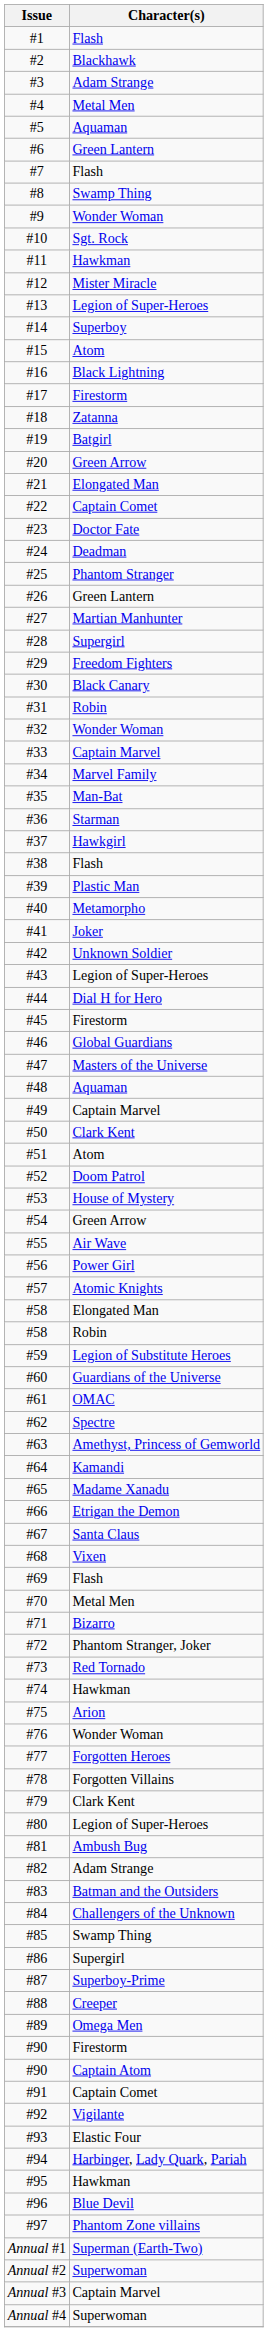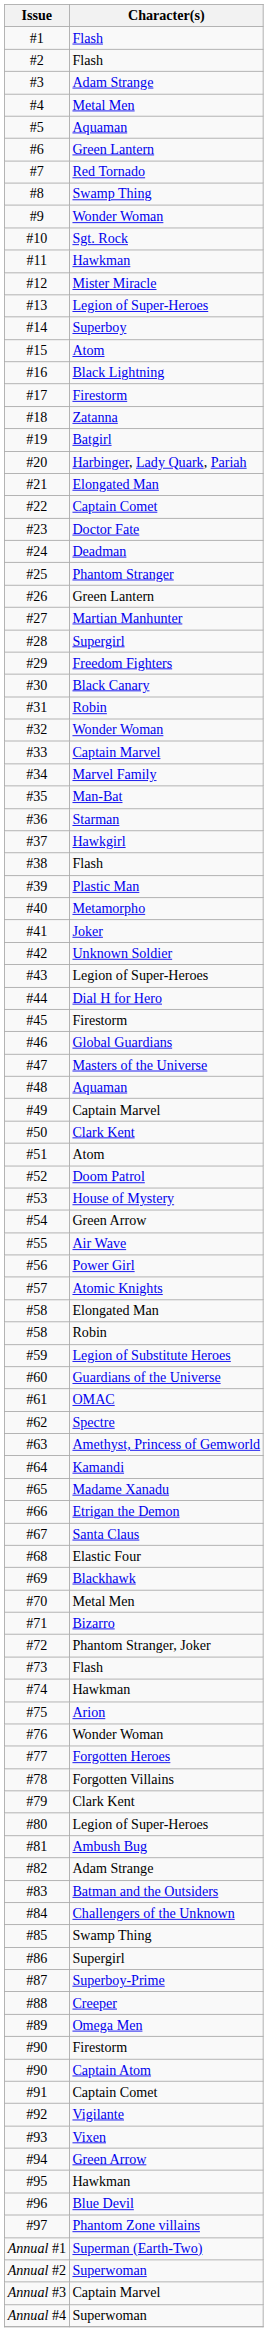 <table class="sortable wikitable">
 <tr>
 <th>Issue</th>
 <th>Character(s)</th>
 </tr>
 <tr>
 <td align="center">#1</td>
 <td><a href='#'>Flash</a></td>
 </tr>
 <tr>
 <td align="center">#2</td>
-<td><a href='#'>Blackhawk</a></td>
+<td>Flash</td>
 </tr>
 <tr>
 <td align="center">#3</td>
 <td><a href='#'>Adam Strange</a></td>
 </tr>
 <tr>
 <td align="center">#4</td>
 <td><a href='#'>Metal Men</a></td>
 </tr>
 <tr>
 <td align="center">#5</td>
 <td><a href='#'>Aquaman</a></td>
 </tr>
 <tr>
 <td align="center">#6</td>
 <td><a href='#'>Green Lantern</a></td>
 </tr>
 <tr>
 <td align="center">#7</td>
-<td>Flash</td>
+<td><a href='#'>Red Tornado</a></td>
 </tr>
 <tr>
 <td align="center">#8</td>
 <td><a href='#'>Swamp Thing</a></td>
 </tr>
 <tr>
 <td align="center">#9</td>
 <td><a href='#'>Wonder Woman</a></td>
 </tr>
 <tr>
 <td align="center">#10</td>
 <td><a href='#'>Sgt. Rock</a></td>
 </tr>
 <tr>
 <td align="center">#11</td>
 <td><a href='#'>Hawkman</a></td>
 </tr>
 <tr>
 <td align="center">#12</td>
 <td><a href='#'>Mister Miracle</a></td>
 </tr>
 <tr>
 <td align="center">#13</td>
 <td><a href='#'>Legion of Super-Heroes</a></td>
 </tr>
 <tr>
 <td align="center">#14</td>
 <td><a href='#'>Superboy</a></td>
 </tr>
 <tr>
 <td align="center">#15</td>
 <td><a href='#'>Atom</a></td>
 </tr>
 <tr>
 <td align="center">#16</td>
 <td><a href='#'>Black Lightning</a></td>
 </tr>
 <tr>
 <td align="center">#17</td>
 <td><a href='#'>Firestorm</a></td>
 </tr>
 <tr>
 <td align="center">#18</td>
 <td><a href='#'>Zatanna</a></td>
 </tr>
 <tr>
 <td align="center">#19</td>
 <td><a href='#'>Batgirl</a></td>
 </tr>
 <tr>
 <td align="center">#20</td>
-<td><a href='#'>Green Arrow</a></td>
+<td><a href='#'>Harbinger</a>, <a href='#'>Lady Quark</a>, <a href='#'>Pariah</a></td>
 </tr>
 <tr>
 <td align="center">#21</td>
 <td><a href='#'>Elongated Man</a></td>
 </tr>
 <tr>
 <td align="center">#22</td>
 <td><a href='#'>Captain Comet</a></td>
 </tr>
 <tr>
 <td align="center">#23</td>
 <td><a href='#'>Doctor Fate</a></td>
 </tr>
 <tr>
 <td align="center">#24</td>
 <td><a href='#'>Deadman</a></td>
 </tr>
 <tr>
 <td align="center">#25</td>
 <td><a href='#'>Phantom Stranger</a></td>
 </tr>
 <tr>
 <td align="center">#26</td>
 <td>Green Lantern</td>
 </tr>
 <tr>
 <td align="center">#27</td>
 <td><a href='#'>Martian Manhunter</a></td>
 </tr>
 <tr>
 <td align="center">#28</td>
 <td><a href='#'>Supergirl</a></td>
 </tr>
 <tr>
 <td align="center">#29</td>
 <td><a href='#'>Freedom Fighters</a></td>
 </tr>
 <tr>
 <td align="center">#30</td>
 <td><a href='#'>Black Canary</a></td>
 </tr>
 <tr>
 <td align="center">#31</td>
 <td><a href='#'>Robin</a></td>
 </tr>
 <tr>
 <td align="center">#32</td>
 <td><a href='#'>Wonder Woman</a></td>
 </tr>
 <tr>
 <td align="center">#33</td>
 <td><a href='#'>Captain Marvel</a></td>
 </tr>
 <tr>
 <td align="center">#34</td>
 <td><a href='#'>Marvel Family</a></td>
 </tr>
 <tr>
 <td align="center">#35</td>
 <td><a href='#'>Man-Bat</a></td>
 </tr>
 <tr>
 <td align="center">#36</td>
 <td><a href='#'>Starman</a></td>
 </tr>
 <tr>
 <td align="center">#37</td>
 <td><a href='#'>Hawkgirl</a></td>
 </tr>
 <tr>
 <td align="center">#38</td>
 <td>Flash</td>
 </tr>
 <tr>
 <td align="center">#39</td>
 <td><a href='#'>Plastic Man</a></td>
 </tr>
 <tr>
 <td align="center">#40</td>
 <td><a href='#'>Metamorpho</a></td>
 </tr>
 <tr>
 <td align="center">#41</td>
 <td><a href='#'>Joker</a></td>
 </tr>
 <tr>
 <td align="center">#42</td>
 <td><a href='#'>Unknown Soldier</a></td>
 </tr>
 <tr>
 <td align="center">#43</td>
 <td>Legion of Super-Heroes</td>
 </tr>
 <tr>
 <td align="center">#44</td>
 <td><a href='#'>Dial H for Hero</a></td>
 </tr>
 <tr>
 <td align="center">#45</td>
 <td>Firestorm</td>
 </tr>
 <tr>
 <td align="center">#46</td>
 <td><a href='#'>Global Guardians</a></td>
 </tr>
 <tr>
 <td align="center">#47</td>
 <td><a href='#'>Masters of the Universe</a></td>
 </tr>
 <tr>
 <td align="center">#48</td>
 <td><a href='#'>Aquaman</a></td>
 </tr>
 <tr>
 <td align="center">#49</td>
 <td>Captain Marvel</td>
 </tr>
 <tr>
 <td align="center">#50</td>
 <td><a href='#'>Clark Kent</a></td>
 </tr>
 <tr>
 <td align="center">#51</td>
 <td>Atom</td>
 </tr>
 <tr>
 <td align="center">#52</td>
 <td><a href='#'>Doom Patrol</a></td>
 </tr>
 <tr>
 <td align="center">#53</td>
 <td><a href='#'>House of Mystery</a></td>
 </tr>
 <tr>
 <td align="center">#54</td>
 <td>Green Arrow</td>
 </tr>
 <tr>
 <td align="center">#55</td>
 <td><a href='#'>Air Wave</a></td>
 </tr>
 <tr>
 <td align="center">#56</td>
 <td><a href='#'>Power Girl</a></td>
 </tr>
 <tr>
 <td align="center">#57</td>
 <td><a href='#'>Atomic Knights</a></td>
 </tr>
 <tr>
 <td align="center">#58</td>
 <td>Elongated Man</td>
 </tr>
 <tr>
 <td align="center">#58</td>
 <td>Robin</td>
 </tr>
 <tr>
 <td align="center">#59</td>
 <td><a href='#'>Legion of Substitute Heroes</a></td>
 </tr>
 <tr>
 <td align="center">#60</td>
 <td><a href='#'>Guardians of the Universe</a></td>
 </tr>
 <tr>
 <td align="center">#61</td>
 <td><a href='#'>OMAC</a></td>
 </tr>
 <tr>
 <td align="center">#62</td>
 <td><a href='#'>Spectre</a></td>
 </tr>
 <tr>
 <td align="center">#63</td>
 <td><a href='#'>Amethyst, Princess of Gemworld</a></td>
 </tr>
 <tr>
 <td align="center">#64</td>
 <td><a href='#'>Kamandi</a></td>
 </tr>
 <tr>
 <td align="center">#65</td>
 <td><a href='#'>Madame Xanadu</a></td>
 </tr>
 <tr>
 <td align="center">#66</td>
 <td><a href='#'>Etrigan the Demon</a></td>
 </tr>
 <tr>
 <td align="center">#67</td>
 <td><a href='#'>Santa Claus</a></td>
 </tr>
 <tr>
 <td align="center">#68</td>
-<td><a href='#'>Vixen</a></td>
+<td>Elastic Four</td>
 </tr>
 <tr>
 <td align="center">#69</td>
-<td>Flash</td>
+<td><a href='#'>Blackhawk</a></td>
 </tr>
 <tr>
 <td align="center">#70</td>
 <td>Metal Men</td>
 </tr>
 <tr>
 <td align="center">#71</td>
 <td><a href='#'>Bizarro</a></td>
 </tr>
 <tr>
 <td align="center">#72</td>
 <td>Phantom Stranger, Joker</td>
 </tr>
 <tr>
 <td align="center">#73</td>
-<td><a href='#'>Red Tornado</a></td>
+<td>Flash</td>
 </tr>
 <tr>
 <td align="center">#74</td>
 <td>Hawkman</td>
 </tr>
 <tr>
 <td align="center">#75</td>
 <td><a href='#'>Arion</a></td>
 </tr>
 <tr>
 <td align="center">#76</td>
 <td>Wonder Woman</td>
 </tr>
 <tr>
 <td align="center">#77</td>
 <td><a href='#'>Forgotten Heroes</a></td>
 </tr>
 <tr>
 <td align="center">#78</td>
 <td>Forgotten Villains</td>
 </tr>
 <tr>
 <td align="center">#79</td>
 <td>Clark Kent</td>
 </tr>
 <tr>
 <td align="center">#80</td>
 <td>Legion of Super-Heroes</td>
 </tr>
 <tr>
 <td align="center">#81</td>
 <td><a href='#'>Ambush Bug</a></td>
 </tr>
 <tr>
 <td align="center">#82</td>
 <td>Adam Strange</td>
 </tr>
 <tr>
 <td align="center">#83</td>
 <td><a href='#'>Batman and the Outsiders</a></td>
 </tr>
 <tr>
 <td align="center">#84</td>
 <td><a href='#'>Challengers of the Unknown</a></td>
 </tr>
 <tr>
 <td align="center">#85</td>
 <td>Swamp Thing</td>
 </tr>
 <tr>
 <td align="center">#86</td>
 <td>Supergirl</td>
 </tr>
 <tr>
 <td align="center">#87</td>
 <td><a href='#'>Superboy-Prime</a></td>
 </tr>
 <tr>
 <td align="center">#88</td>
 <td><a href='#'>Creeper</a></td>
 </tr>
 <tr>
 <td align="center">#89</td>
 <td><a href='#'>Omega Men</a></td>
 </tr>
 <tr>
 <td align="center">#90</td>
 <td>Firestorm</td>
 </tr>
 <tr>
 <td align="center">#90</td>
 <td><a href='#'>Captain Atom</a></td>
 </tr>
 <tr>
 <td align="center">#91</td>
 <td>Captain Comet</td>
 </tr>
 <tr>
 <td align="center">#92</td>
 <td><a href='#'>Vigilante</a></td>
 </tr>
 <tr>
 <td align="center">#93</td>
-<td>Elastic Four</td>
+<td><a href='#'>Vixen</a></td>
 </tr>
 <tr>
 <td align="center">#94</td>
-<td><a href='#'>Harbinger</a>, <a href='#'>Lady Quark</a>, <a href='#'>Pariah</a></td>
+<td><a href='#'>Green Arrow</a></td>
 </tr>
 <tr>
 <td align="center">#95</td>
 <td>Hawkman</td>
 </tr>
 <tr>
 <td align="center">#96</td>
 <td><a href='#'>Blue Devil</a></td>
 </tr>
 <tr>
 <td align="center">#97</td>
 <td><a href='#'>Phantom Zone villains</a></td>
 </tr>
 <tr>
 <td align="center"><em>Annual</em> #1</td>
 <td><a href='#'>Superman (Earth-Two)</a></td>
 </tr>
 <tr>
 <td align="center"><em>Annual</em> #2</td>
 <td><a href='#'>Superwoman</a></td>
 </tr>
 <tr>
 <td align="center"><em>Annual</em> #3</td>
 <td>Captain Marvel</td>
 </tr>
 <tr>
 <td align="center"><em>Annual</em> #4</td>
 <td>Superwoman</td>
 </tr>
 <tr>
 </tr>
 </table>
